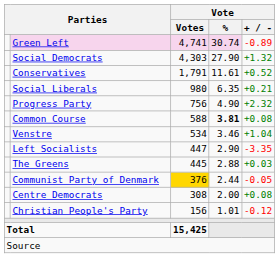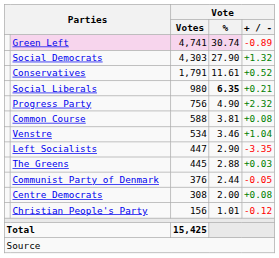 <table class="wikitable" style="text-align:right;">
 <tr>
 <th style="text-align:centre;" rowspan="2" colspan="2" width="225">Parties</th>
 <th colspan="3">Vote</th>
 </tr>
 <tr>
 <th width="15">Votes</th>
 <th width="15">%</th>
 <th width="15">+ / -</th>
 </tr>
 <tr>
 <td width="2" style="color:inherit;background:"></td>
 <td bgcolor=#f7d5ed  align="left"><a href='#'>Green Left</a></td>
 <td bgcolor=#f7d5ed>4,741</td>
 <td bgcolor=#f7d5ed>30.74</td>
 <td style=color:red;>-0.89</td>
 </tr>
 <tr>
 <td width="2" style="color:inherit;background:"></td>
 <td align="left"><a href='#'>Social Democrats</a></td>
 <td>4,303</td>
 <td>27.90</td>
 <td style=color:green;>+1.32</td>
 </tr>
 <tr>
 <td width="2" style="color:inherit;background:"></td>
 <td align="left"><a href='#'>Conservatives</a></td>
 <td>1,791</td>
 <td>11.61</td>
 <td style=color:green;>+0.52</td>
 </tr>
 <tr>
 <td width="2" style="color:inherit;background:"></td>
 <td align="left"><a href='#'>Social Liberals</a></td>
 <td>980</td>
-<td>6.35</td>
+<td><strong>6.35</strong></td>
 <td style=color:green;>+0.21</td>
 </tr>
 <tr>
 <td width="2" style="color:inherit;background:"></td>
 <td align="left"><a href='#'>Progress Party</a></td>
 <td>756</td>
 <td>4.90</td>
 <td style=color:green;>+2.32</td>
 </tr>
 <tr>
 <td width="2" style="color:inherit;background:"></td>
 <td align="left"><a href='#'>Common Course</a></td>
 <td>588</td>
-<td><strong>3.81</strong></td>
+<td>3.81</td>
 <td style=color:green;>+0.08</td>
 </tr>
 <tr>
 <td width="2" style="color:inherit;background:"></td>
 <td align="left"><a href='#'>Venstre</a></td>
 <td>534</td>
 <td>3.46</td>
 <td style=color:green;>+1.04</td>
 </tr>
 <tr>
 <td width="2" style="color:inherit;background:"></td>
 <td align="left"><a href='#'>Left Socialists</a></td>
 <td>447</td>
 <td>2.90</td>
 <td style=color:red;>-3.35</td>
 </tr>
 <tr>
 <td width="2" style="color:inherit;background:"></td>
 <td align="left"><a href='#'>The Greens</a></td>
 <td>445</td>
 <td>2.88</td>
 <td style=color:green;>+0.03</td>
 </tr>
 <tr>
 <td width="2" style="color:inherit;background:"></td>
 <td align="left"><a href='#'>Communist Party of Denmark</a></td>
-<td style="background: gold;">376</td>
+<td>376</td>
 <td>2.44</td>
 <td style=color:red;>-0.05</td>
 </tr>
 <tr>
 <td width="2" style="color:inherit;background:"></td>
 <td align="left"><a href='#'>Centre Democrats</a></td>
 <td>308</td>
 <td>2.00</td>
 <td style=color:green;>+0.08</td>
 </tr>
 <tr>
 <td width="2" style="color:inherit;background:"></td>
 <td align="left"><a href='#'>Christian People's Party</a></td>
 <td>156</td>
 <td>1.01</td>
 <td style=color:red;>-0.12</td>
 </tr>
 <tr>
 <td colspan="7" bgcolor="#E9E9E9"></td>
 </tr>
 <tr>
 <td align="left" colspan="2"><strong>Total</strong></td>
 <td><strong>15,425</strong></td>
 <td bgcolor="#E9E9E9" colspan="2"></td>
 </tr>
 <tr>
 <td align="left" colspan="6">Source</td>
 </tr>
 </table>
